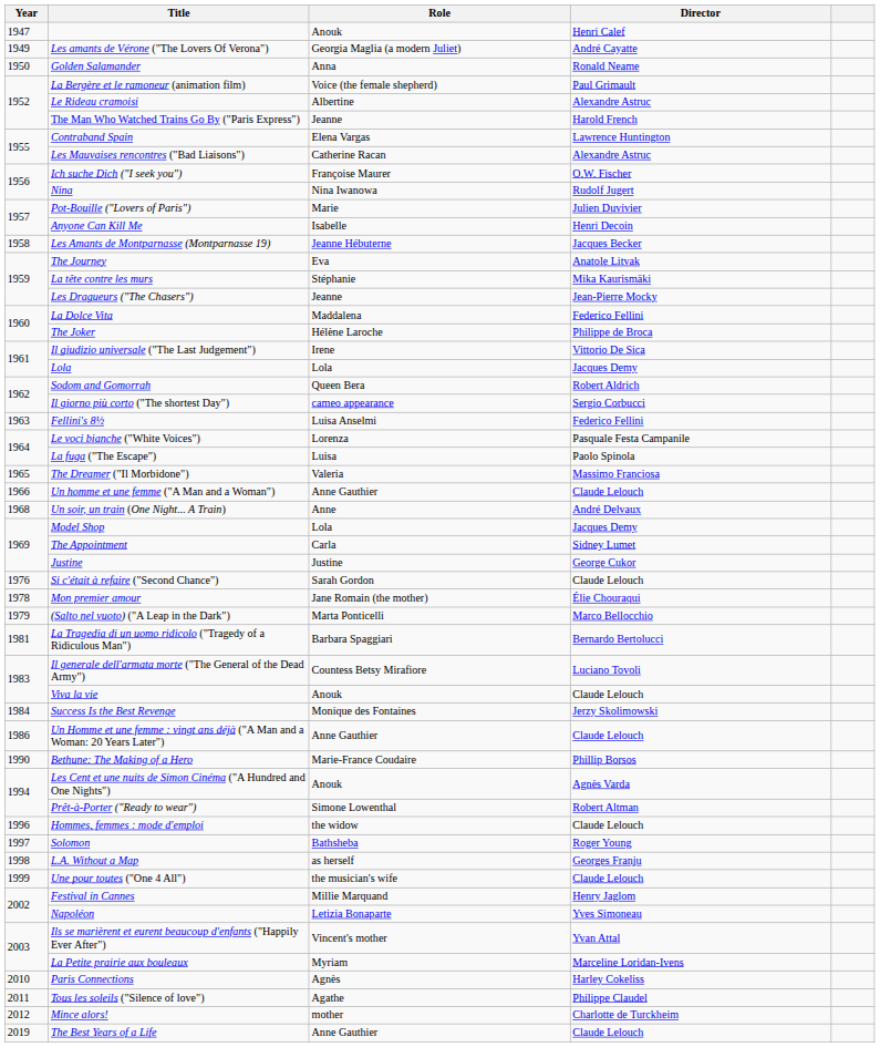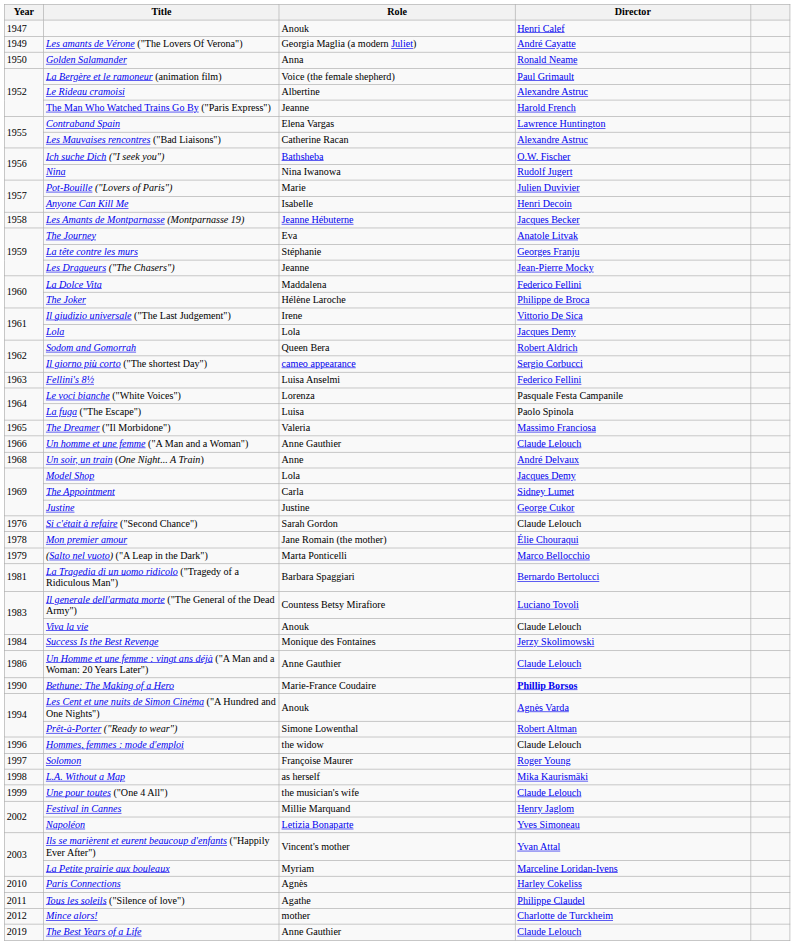 <table class="wikitable sortable">
 <tr>
 <th width="5%">Year</th>
 <th width="30%">Title</th>
 <th width="30%">Role</th>
 <th width="30%">Director</th>
 <th></th>
 </tr>
 <tr>
 <td>1947</td>
 <td><em></em></td>
 <td>Anouk</td>
 <td><a href='#'>Henri Calef</a></td>
 <td></td>
 </tr>
 <tr>
 <td>1949</td>
 <td><em><a href='#'>Les amants de Vérone</a></em> ("The Lovers Of Verona")</td>
 <td>Georgia Maglia (a modern <a href='#'>Juliet</a>)</td>
 <td><a href='#'>André Cayatte</a></td>
 <td></td>
 </tr>
 <tr>
 <td>1950</td>
 <td><em><a href='#'>Golden Salamander</a></em></td>
 <td>Anna</td>
 <td><a href='#'>Ronald Neame</a></td>
 <td></td>
 </tr>
 <tr>
 <td rowspan="3">1952</td>
 <td><em><a href='#'>La Bergère et le ramoneur</a></em> (animation film)</td>
 <td>Voice (the female shepherd)</td>
 <td><a href='#'>Paul Grimault</a></td>
 <td></td>
 </tr>
 <tr>
 <td><em><a href='#'>Le Rideau cramoisi</a></em></td>
 <td>Albertine</td>
 <td><a href='#'>Alexandre Astruc</a></td>
 <td></td>
 </tr>
 <tr>
 <td><a href='#'>The Man Who Watched Trains Go By</a> ("Paris Express")</td>
 <td>Jeanne</td>
 <td><a href='#'>Harold French</a></td>
 <td></td>
 </tr>
 <tr>
 <td rowspan=2>1955</td>
 <td><em><a href='#'>Contraband Spain</a></em></td>
 <td>Elena Vargas</td>
 <td><a href='#'>Lawrence Huntington</a></td>
 <td></td>
 </tr>
 <tr>
 <td><em><a href='#'>Les Mauvaises rencontres</a></em> ("Bad Liaisons")</td>
 <td>Catherine Racan</td>
 <td><a href='#'>Alexandre Astruc</a></td>
 <td></td>
 </tr>
 <tr>
 <td rowspan=2>1956</td>
 <td><em><a href='#'>Ich suche Dich</a> ("I seek you")</em></td>
-<td>Françoise Maurer</td>
+<td><a href='#'>Bathsheba</a></td>
 <td><a href='#'>O.W. Fischer</a></td>
 <td></td>
 </tr>
 <tr>
 <td><em><a href='#'>Nina</a></em></td>
 <td>Nina Iwanowa</td>
 <td><a href='#'>Rudolf Jugert</a></td>
 <td></td>
 </tr>
 <tr>
 <td rowspan=2>1957</td>
 <td><em><a href='#'>Pot-Bouille</a> ("Lovers of Paris")</em></td>
 <td>Marie</td>
 <td><a href='#'>Julien Duvivier</a></td>
 <td></td>
 </tr>
 <tr>
 <td><em><a href='#'>Anyone Can Kill Me</a></em></td>
 <td>Isabelle</td>
 <td><a href='#'>Henri Decoin</a></td>
 <td></td>
 </tr>
 <tr>
 <td>1958</td>
 <td><em><a href='#'>Les Amants de Montparnasse</a> (Montparnasse 19)</em></td>
 <td><a href='#'>Jeanne Hébuterne</a></td>
 <td><a href='#'>Jacques Becker</a></td>
 <td></td>
 </tr>
 <tr>
 <td rowspan=3>1959</td>
 <td><em><a href='#'>The Journey</a></em></td>
 <td>Eva</td>
 <td><a href='#'>Anatole Litvak</a></td>
 <td></td>
 </tr>
 <tr>
 <td><em><a href='#'>La tête contre les murs</a></em></td>
 <td>Stéphanie</td>
-<td><a href='#'>Mika Kaurismäki</a></td>
+<td><a href='#'>Georges Franju</a></td>
 <td></td>
 </tr>
 <tr>
 <td><em><a href='#'>Les Dragueurs</a> ("The Chasers")</em></td>
 <td>Jeanne</td>
 <td><a href='#'>Jean-Pierre Mocky</a></td>
 <td></td>
 </tr>
 <tr>
 <td rowspan=2>1960</td>
 <td><em><a href='#'>La Dolce Vita</a></em></td>
 <td>Maddalena</td>
 <td><a href='#'>Federico Fellini</a></td>
 <td></td>
 </tr>
 <tr>
 <td><em><a href='#'>The Joker</a></em></td>
 <td>Hélène Laroche</td>
 <td><a href='#'>Philippe de Broca</a></td>
 <td></td>
 </tr>
 <tr>
 <td rowspan=2>1961</td>
 <td><em><a href='#'>Il giudizio universale</a></em> ("The Last Judgement")</td>
 <td>Irene</td>
 <td><a href='#'>Vittorio De Sica</a></td>
 <td></td>
 </tr>
 <tr>
 <td><em><a href='#'>Lola</a></em></td>
 <td>Lola</td>
 <td><a href='#'>Jacques Demy</a></td>
 <td></td>
 </tr>
 <tr>
 <td rowspan=2>1962</td>
 <td><em><a href='#'>Sodom and Gomorrah</a></em></td>
 <td>Queen Bera</td>
 <td><a href='#'>Robert Aldrich</a></td>
 <td></td>
 </tr>
 <tr>
 <td><em><a href='#'>Il giorno più corto</a></em> ("The shortest Day")</td>
 <td><a href='#'>cameo appearance</a></td>
 <td><a href='#'>Sergio Corbucci</a></td>
 <td></td>
 </tr>
 <tr>
 <td>1963</td>
 <td><em><a href='#'>Fellini's 8½</a></em></td>
 <td>Luisa Anselmi</td>
 <td><a href='#'>Federico Fellini</a></td>
 <td></td>
 </tr>
 <tr>
 <td rowspan=2>1964</td>
 <td><em><a href='#'>Le voci bianche</a></em> ("White Voices")</td>
 <td>Lorenza</td>
 <td>Pasquale Festa Campanile</td>
 <td></td>
 </tr>
 <tr>
 <td><em><a href='#'>La fuga</a></em> ("The Escape")</td>
 <td>Luisa</td>
 <td>Paolo Spinola</td>
 <td></td>
 </tr>
 <tr>
 <td>1965</td>
 <td><em><a href='#'>The Dreamer</a></em> ("Il Morbidone")</td>
 <td>Valeria</td>
 <td><a href='#'>Massimo Franciosa</a></td>
 <td></td>
 </tr>
 <tr>
 <td>1966</td>
 <td><em><a href='#'>Un homme et une femme</a></em> ("A Man and a Woman")</td>
 <td>Anne Gauthier</td>
 <td><a href='#'>Claude Lelouch</a></td>
 <td></td>
 </tr>
 <tr>
 <td>1968</td>
 <td><em><a href='#'>Un soir, un train</a></em> (<em>One Night... A Train</em>)</td>
 <td>Anne</td>
 <td><a href='#'>André Delvaux</a></td>
 <td></td>
 </tr>
 <tr>
 <td rowspan=3>1969</td>
 <td><em><a href='#'>Model Shop</a></em></td>
 <td>Lola</td>
 <td><a href='#'>Jacques Demy</a></td>
 <td></td>
 </tr>
 <tr>
 <td><em><a href='#'>The Appointment</a></em></td>
 <td>Carla</td>
 <td><a href='#'>Sidney Lumet</a></td>
 <td></td>
 </tr>
 <tr>
 <td><em><a href='#'>Justine</a></em></td>
 <td>Justine</td>
 <td><a href='#'>George Cukor</a></td>
 <td></td>
 </tr>
 <tr>
 <td>1976</td>
 <td><em><a href='#'>Si c'était à refaire</a></em> ("Second Chance")</td>
 <td>Sarah Gordon</td>
 <td>Claude Lelouch</td>
 <td></td>
 </tr>
 <tr>
 <td>1978</td>
 <td><em><a href='#'>Mon premier amour</a></em></td>
 <td>Jane Romain (the mother)</td>
 <td><a href='#'>Élie Chouraqui</a></td>
 <td></td>
 </tr>
 <tr>
 <td>1979</td>
 <td><em>(<a href='#'>Salto nel vuoto</a>)</em> ("A Leap in the Dark")</td>
 <td>Marta Ponticelli</td>
 <td><a href='#'>Marco Bellocchio</a></td>
 <td></td>
 </tr>
 <tr>
 <td>1981</td>
 <td><em><a href='#'>La Tragedia di un uomo ridicolo</a></em> ("Tragedy of a Ridiculous Man")</td>
 <td>Barbara Spaggiari</td>
 <td><a href='#'>Bernardo Bertolucci</a></td>
 <td></td>
 </tr>
 <tr>
 <td rowspan=2>1983</td>
 <td><em><a href='#'>Il generale dell'armata morte</a></em> ("The General of the Dead Army")</td>
 <td>Countess Betsy Mirafiore</td>
 <td><a href='#'>Luciano Tovoli</a></td>
 <td></td>
 </tr>
 <tr>
 <td><em><a href='#'>Viva la vie</a></em></td>
 <td>Anouk</td>
 <td>Claude Lelouch</td>
 <td></td>
 </tr>
 <tr>
 <td>1984</td>
 <td><em><a href='#'>Success Is the Best Revenge</a></em></td>
 <td>Monique des Fontaines</td>
 <td><a href='#'>Jerzy Skolimowski</a></td>
 <td></td>
 </tr>
 <tr>
 <td>1986</td>
 <td><em><a href='#'>Un Homme et une femme : vingt ans déjà</a></em> ("A Man and a Woman: 20 Years Later")</td>
 <td>Anne Gauthier</td>
 <td><a href='#'>Claude Lelouch</a></td>
 <td></td>
 </tr>
 <tr>
 <td>1990</td>
 <td><em><a href='#'>Bethune: The Making of a Hero</a></em></td>
 <td>Marie-France Coudaire</td>
-<td><a href='#'>Phillip Borsos</a></td>
+<td><strong><a href='#'>Phillip Borsos</a></strong></td>
 <td></td>
 </tr>
 <tr>
 <td rowspan=2>1994</td>
 <td><em><a href='#'>Les Cent et une nuits de Simon Cinéma</a></em> ("A Hundred and One Nights")</td>
 <td>Anouk</td>
 <td><a href='#'>Agnès Varda</a></td>
 <td></td>
 </tr>
 <tr>
 <td><em><a href='#'>Prêt-à-Porter</a> ("Ready to wear")</em></td>
 <td>Simone Lowenthal</td>
 <td><a href='#'>Robert Altman</a></td>
 <td></td>
 </tr>
 <tr>
 <td>1996</td>
 <td><em><a href='#'>Hommes, femmes : mode d'emploi</a></em></td>
 <td>the widow</td>
 <td>Claude Lelouch</td>
 <td></td>
 </tr>
 <tr>
 <td>1997</td>
 <td><em><a href='#'>Solomon</a></em></td>
-<td><a href='#'>Bathsheba</a></td>
+<td>Françoise Maurer</td>
 <td><a href='#'>Roger Young</a></td>
 <td></td>
 </tr>
 <tr>
 <td>1998</td>
 <td><em><a href='#'>L.A. Without a Map</a></em></td>
 <td>as herself</td>
-<td><a href='#'>Georges Franju</a></td>
+<td><a href='#'>Mika Kaurismäki</a></td>
 <td></td>
 </tr>
 <tr>
 <td>1999</td>
 <td><em><a href='#'>Une pour toutes</a></em> ("One 4 All")</td>
 <td>the musician's wife</td>
 <td><a href='#'>Claude Lelouch</a></td>
 <td></td>
 </tr>
 <tr>
 <td rowspan=2>2002</td>
 <td><em><a href='#'>Festival in Cannes</a></em></td>
 <td>Millie Marquand</td>
 <td><a href='#'>Henry Jaglom</a></td>
 <td></td>
 </tr>
 <tr>
 <td><em><a href='#'>Napoléon</a></em></td>
 <td><a href='#'>Letizia Bonaparte</a></td>
 <td><a href='#'>Yves Simoneau</a></td>
 <td></td>
 </tr>
 <tr>
 <td rowspan=2>2003</td>
 <td><em><a href='#'>Ils se marièrent et eurent beaucoup d'enfants</a></em> ("Happily Ever After")</td>
 <td>Vincent's mother</td>
 <td><a href='#'>Yvan Attal</a></td>
 <td></td>
 </tr>
 <tr>
 <td><em><a href='#'>La Petite prairie aux bouleaux</a></em></td>
 <td>Myriam</td>
 <td><a href='#'>Marceline Loridan-Ivens</a></td>
 <td></td>
 </tr>
 <tr>
 <td>2010</td>
 <td><em><a href='#'>Paris Connections</a></em></td>
 <td>Agnès</td>
 <td><a href='#'>Harley Cokeliss</a></td>
 <td></td>
 </tr>
 <tr>
 <td>2011</td>
 <td><em><a href='#'>Tous les soleils</a></em> ("Silence of love")</td>
 <td>Agathe</td>
 <td><a href='#'>Philippe Claudel</a></td>
 <td></td>
 </tr>
 <tr>
 <td>2012</td>
 <td><em><a href='#'>Mince alors!</a></em></td>
 <td>mother</td>
 <td><a href='#'>Charlotte de Turckheim</a></td>
 <td></td>
 </tr>
 <tr>
 <td>2019</td>
 <td><em><a href='#'>The Best Years of a Life</a></em></td>
 <td>Anne Gauthier</td>
 <td><a href='#'>Claude Lelouch</a></td>
 <td></td>
 </tr>
 </table>
